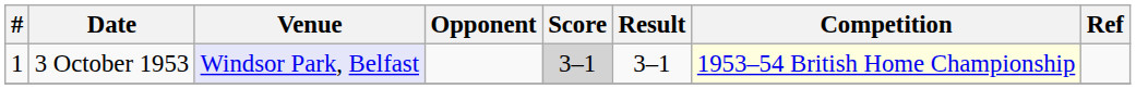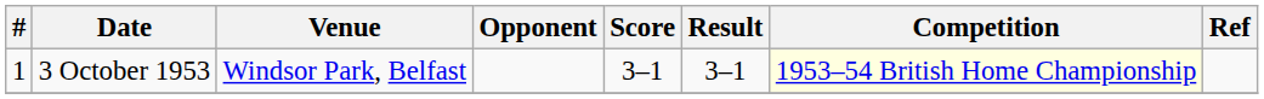 <table class="wikitable">
 <tr>
 <th>#</th>
 <th>Date</th>
 <th>Venue</th>
 <th>Opponent</th>
 <th>Score</th>
 <th>Result</th>
 <th>Competition</th>
 <th>Ref</th>
 </tr>
 <tr>
 <td>1</td>
 <td>3 October 1953</td>
-<td style="background: lavender;"><a href='#'>Windsor Park</a>, <a href='#'>Belfast</a></td>
+<td><a href='#'>Windsor Park</a>, <a href='#'>Belfast</a></td>
 <td></td>
-<td align=center style="background: lightgrey;">3–1</td>
+<td align=center>3–1</td>
 <td align=center>3–1</td>
 <td style="background: lightyellow;"><a href='#'>1953–54 British Home Championship</a></td>
 <td></td>
 </tr>
 <tr>
 </tr>
 </table>
